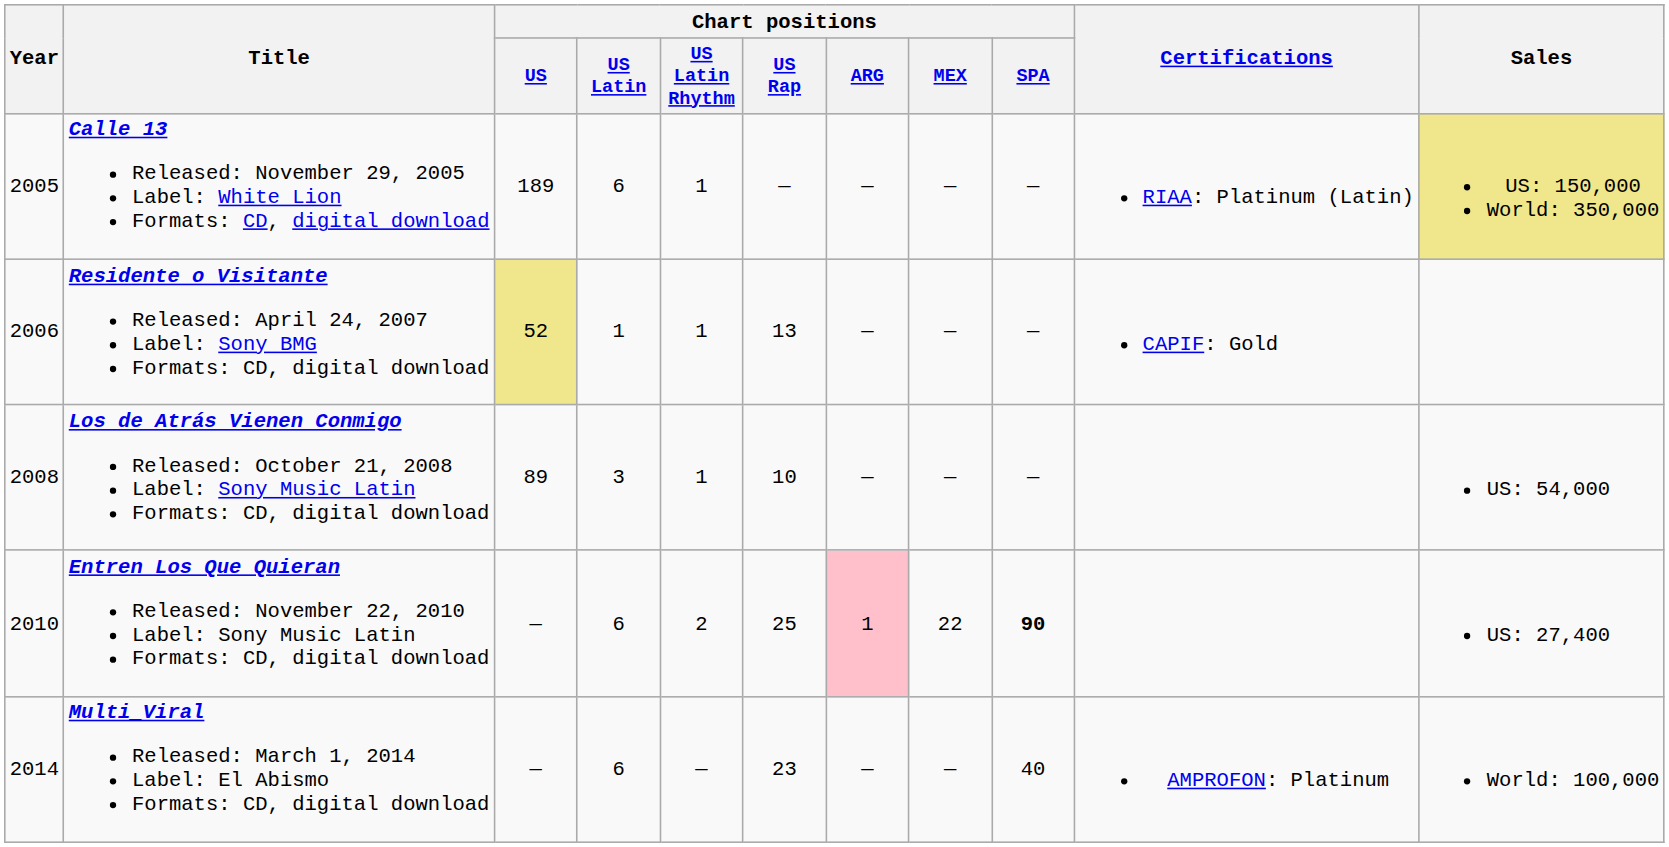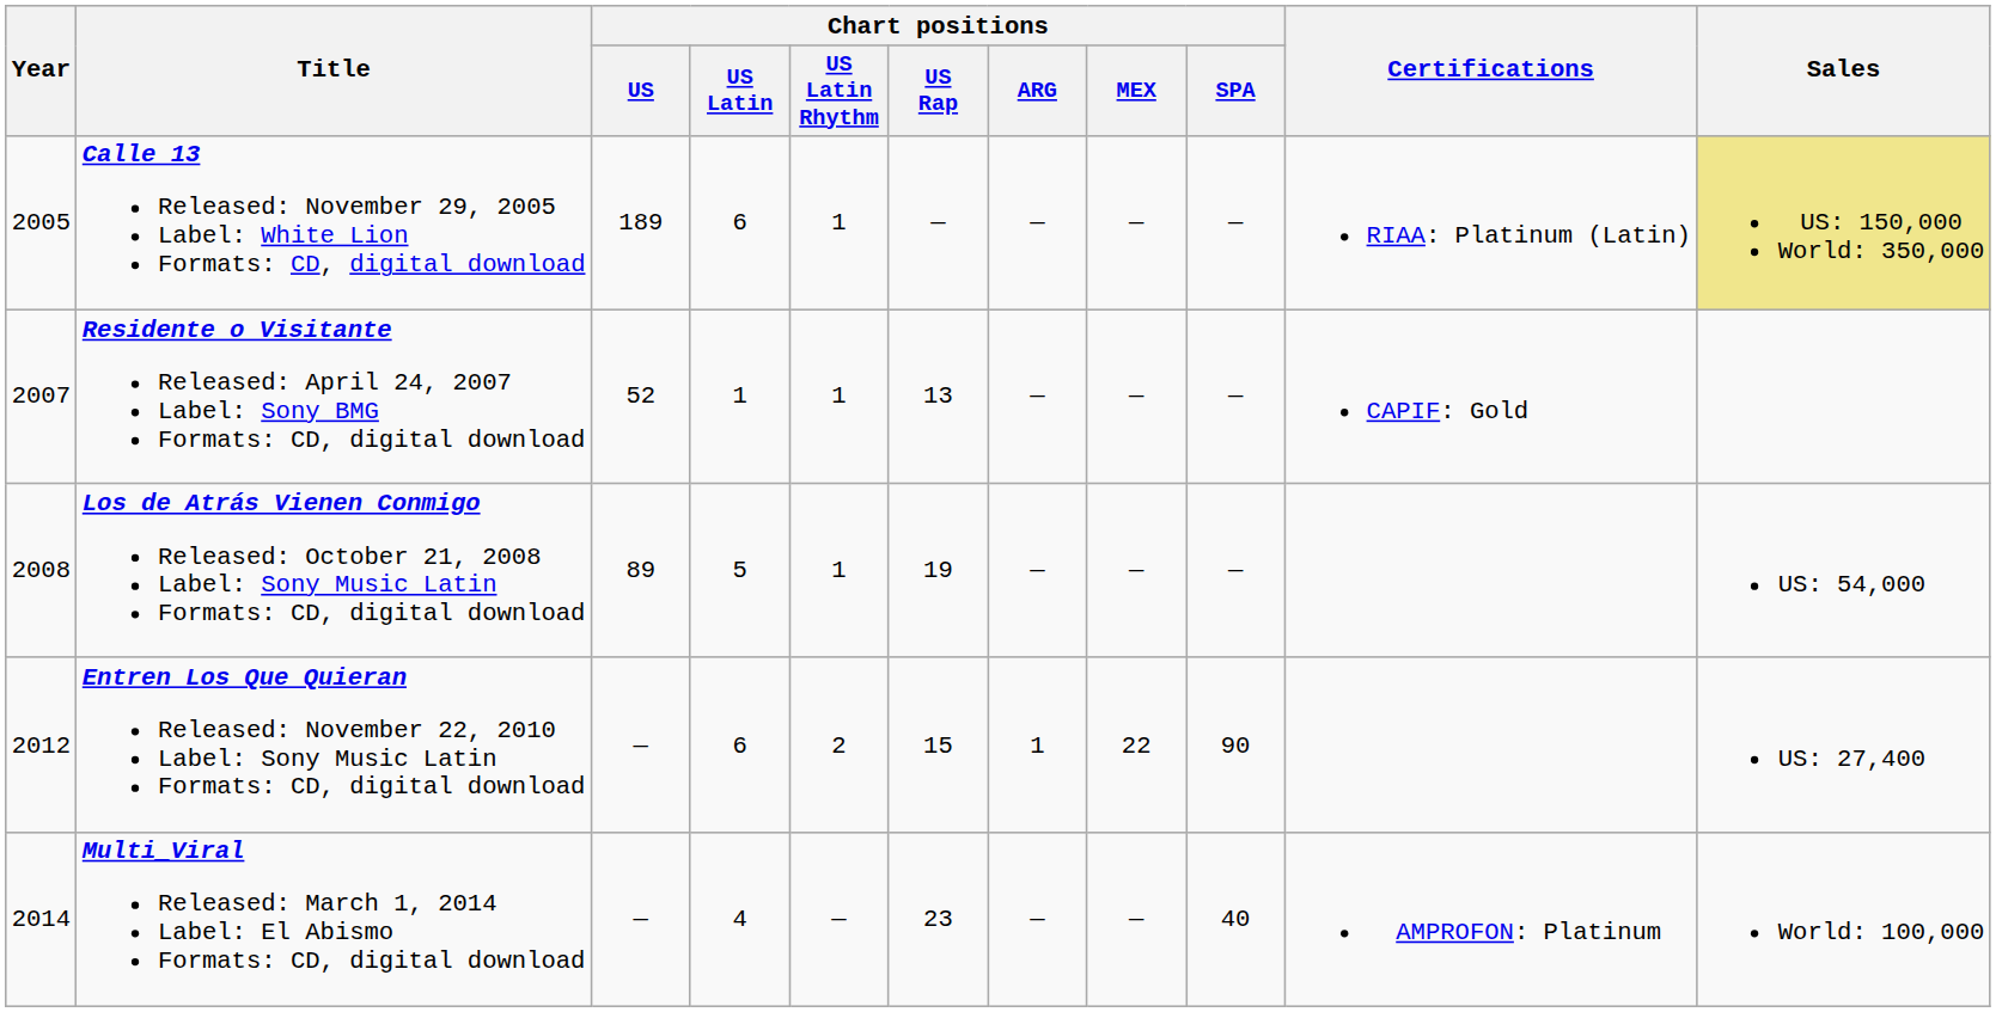 <table class="wikitable" style="text-align:center;">
 <tr>
 <th rowspan="2">Year</th>
 <th rowspan="2">Title</th>
 <th colspan="7">Chart positions</th>
 <th rowspan="2"><a href='#'>Certifications</a></th>
 <th rowspan="2">Sales</th>
 </tr>
 <tr>
 <th style="width:4em;font-size:90%"><a href='#'>US</a><br></th>
 <th style="width:4em;font-size:90%"><a href='#'>US<br>Latin</a><br></th>
 <th style="width:4em;font-size:90%"><a href='#'>US<br>Latin Rhythm</a><br></th>
 <th style="width:4em;font-size:90%"><a href='#'>US<br>Rap</a><br></th>
 <th style="width:4em;font-size:90%"><a href='#'>ARG</a></th>
 <th style="width:4em;font-size:90%"><a href='#'>MEX</a></th>
 <th style="width:4em;font-size:90%"><a href='#'>SPA</a><br></th>
 </tr>
 <tr>
 <td style="text-align:left;">2005</td>
 <td style="text-align:left;"><strong><em><a href='#'>Calle 13</a></em></strong><br><ul><li>Released: November 29, 2005</li><li>Label: <a href='#'>White Lion</a></li><li>Formats: <a href='#'>CD</a>, <a href='#'>digital download</a></li></ul></td>
 <td>189</td>
 <td>6</td>
 <td>1</td>
 <td>—</td>
 <td>—</td>
 <td>—</td>
 <td>—</td>
 <td style="text-align:left;"><br><ul><li><a href='#'>RIAA</a>: Platinum (Latin)</li></ul></td>
 <td style="background: khaki;"><br><ul><li>US: 150,000</li><li>World: 350,000</li></ul></td>
 </tr>
 <tr>
-<td style="text-align:left;">2006</td>
+<td style="text-align:left;">2007</td>
 <td style="text-align:left;"><strong><em><a href='#'>Residente o Visitante</a></em></strong><br><ul><li>Released: April 24, 2007</li><li>Label: <a href='#'>Sony BMG</a></li><li>Formats: CD, digital download</li></ul></td>
-<td style="background: khaki;">52</td>
+<td>52</td>
 <td>1</td>
 <td>1</td>
 <td>13</td>
 <td>—</td>
 <td>—</td>
 <td>—</td>
 <td style="text-align:left;"><br><ul><li><a href='#'>CAPIF</a>: Gold</li></ul></td>
 <td></td>
 </tr>
 <tr>
 <td style="text-align:left;">2008</td>
 <td style="text-align:left;"><strong><em><a href='#'>Los de Atrás Vienen Conmigo</a></em></strong><br><ul><li>Released: October 21, 2008</li><li>Label: <a href='#'>Sony Music Latin</a></li><li>Formats: CD, digital download</li></ul></td>
 <td>89</td>
-<td>3</td>
+<td>5</td>
 <td>1</td>
-<td>10</td>
+<td>19</td>
 <td>—</td>
 <td>—</td>
 <td>—</td>
 <td></td>
 <td style="text-align:left;"><br><ul><li>US: 54,000</li></ul></td>
 </tr>
 <tr>
-<td style="text-align:left;">2010</td>
+<td style="text-align:left;">2012</td>
 <td style="text-align:left;"><strong><em><a href='#'>Entren Los Que Quieran</a></em></strong><br><ul><li>Released: November 22, 2010</li><li>Label: Sony Music Latin</li><li>Formats: CD, digital download</li></ul></td>
 <td>—</td>
 <td>6</td>
 <td>2</td>
-<td>25</td>
-<td style="background: pink;">1</td>
+<td>15</td>
+<td>1</td>
 <td>22</td>
-<td><strong>90</strong></td>
+<td>90</td>
 <td></td>
 <td style="text-align:left;"><br><ul><li>US: 27,400</li></ul></td>
 </tr>
 <tr>
 <td style="text-align:left;">2014</td>
 <td style="text-align:left;"><strong><em><a href='#'>Multi_Viral</a></em></strong><br><ul><li>Released: March 1, 2014</li><li>Label: El Abismo</li><li>Formats: CD, digital download</li></ul></td>
 <td>—</td>
-<td>6</td>
+<td>4</td>
 <td>—</td>
 <td>23</td>
 <td>—</td>
 <td>—</td>
 <td>40</td>
 <td><br><ul><li><a href='#'>AMPROFON</a>: Platinum</li></ul></td>
 <td style="text-align:left;"><br><ul><li>World: 100,000</li></ul></td>
 </tr>
 </table>
